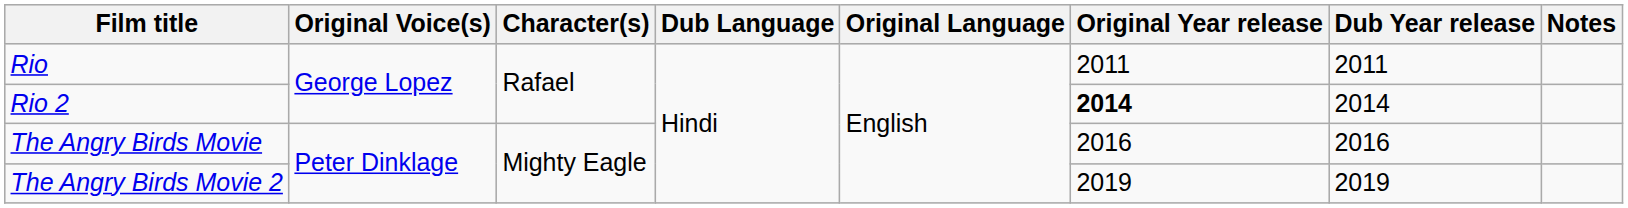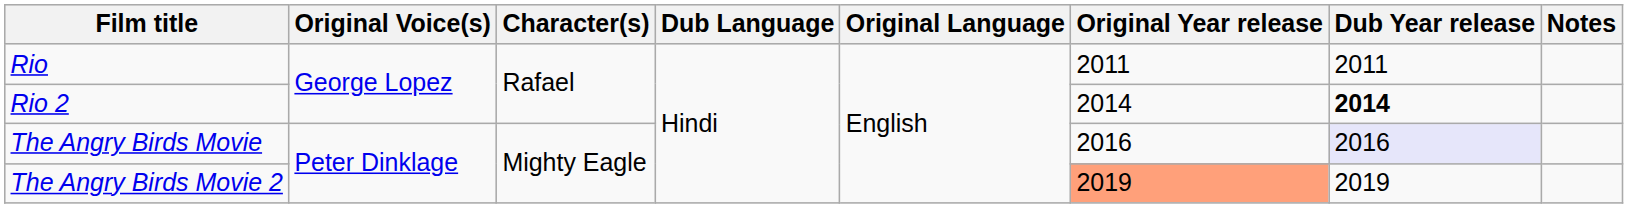 <table class="wikitable">
 <tr>
 <th>Film title</th>
 <th>Original Voice(s)</th>
 <th>Character(s)</th>
 <th>Dub Language</th>
 <th>Original Language</th>
 <th>Original Year release</th>
 <th>Dub Year release</th>
 <th>Notes</th>
 </tr>
 <tr>
 <td><em><a href='#'>Rio</a></em></td>
 <td rowspan="2"><a href='#'>George Lopez</a></td>
 <td rowspan="2">Rafael</td>
 <td rowspan="4">Hindi</td>
 <td rowspan="4">English</td>
 <td>2011</td>
 <td>2011</td>
 <td></td>
 </tr>
 <tr>
 <td><em><a href='#'>Rio 2</a></em></td>
+<td>2014</td>
 <td><strong>2014</strong></td>
-<td>2014</td>
 <td></td>
 </tr>
 <tr>
 <td><em><a href='#'>The Angry Birds Movie</a></em></td>
 <td rowspan="2"><a href='#'>Peter Dinklage</a></td>
 <td rowspan="2">Mighty Eagle</td>
 <td>2016</td>
-<td>2016</td>
+<td style="background: lavender;">2016</td>
 <td></td>
 </tr>
 <tr>
 <td><em><a href='#'>The Angry Birds Movie 2</a></em></td>
-<td>2019</td>
+<td style="background: lightsalmon;">2019</td>
 <td>2019</td>
 <td></td>
 </tr>
 </table>
